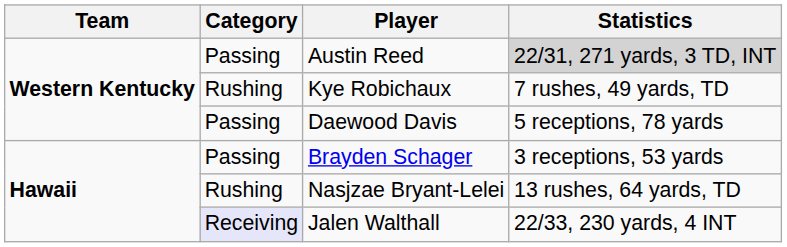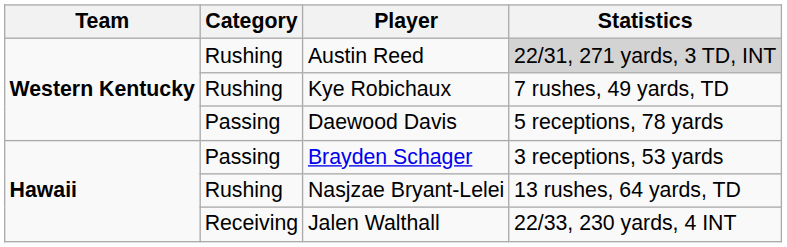 <table class="wikitable" style="float: left;">
 <tr>
 <th>Team</th>
 <th>Category</th>
 <th>Player</th>
 <th>Statistics</th>
 </tr>
 <tr>
 <td rowspan=3><strong>Western Kentucky</strong></td>
-<td>Passing</td>
+<td>Rushing</td>
 <td>Austin Reed</td>
 <td style="background: lightgrey;">22/31, 271 yards, 3 TD, INT</td>
 </tr>
 <tr>
 <td>Rushing</td>
 <td>Kye Robichaux</td>
 <td>7 rushes, 49 yards, TD</td>
 </tr>
 <tr>
 <td>Passing</td>
 <td>Daewood Davis</td>
 <td>5 receptions, 78 yards</td>
 </tr>
 <tr>
 <td rowspan=3><strong>Hawaii</strong></td>
 <td>Passing</td>
 <td><a href='#'>Brayden Schager</a></td>
 <td>3 receptions, 53 yards</td>
 </tr>
 <tr>
 <td>Rushing</td>
 <td>Nasjzae Bryant-Lelei</td>
 <td>13 rushes, 64 yards, TD</td>
 </tr>
 <tr>
-<td style="background: lavender;">Receiving</td>
+<td>Receiving</td>
 <td>Jalen Walthall</td>
 <td>22/33, 230 yards, 4 INT</td>
 </tr>
 </table>
